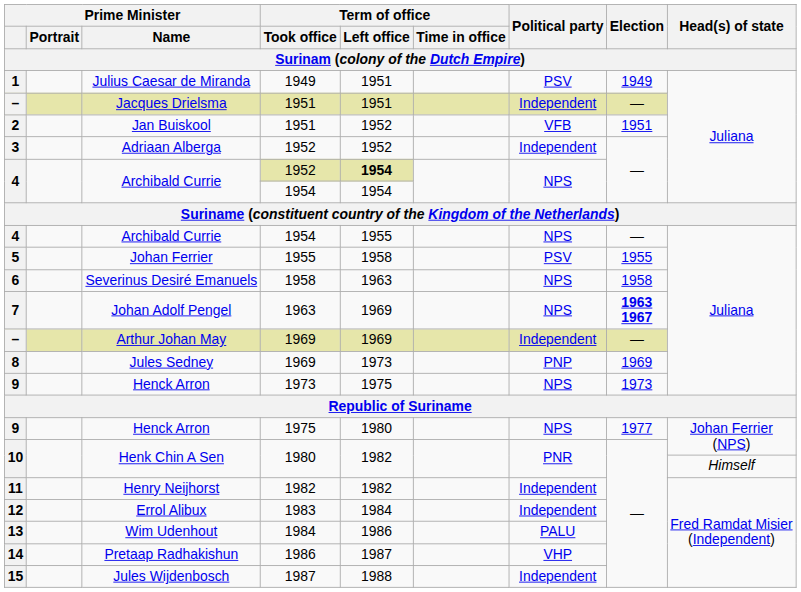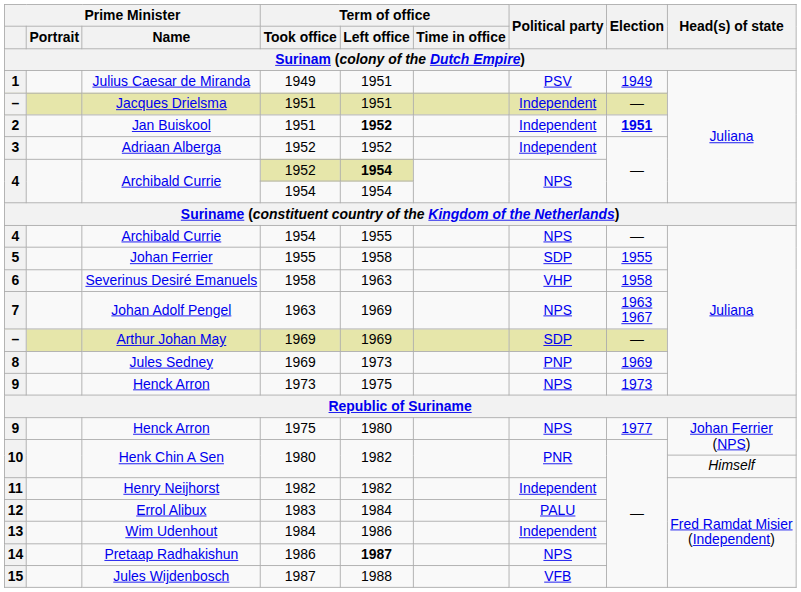 <table class="wikitable" style="text-align:center">
 <tr>
 <th colspan=3>Prime Minister</th>
 <th colspan=3>Term of office</th>
 <th rowspan=2>Political party</th>
 <th rowspan=2>Election</th>
 <th rowspan=2>Head(s) of state</th>
 </tr>
 <tr>
 <th></th>
 <th>Portrait</th>
 <th>Name<br></th>
 <th>Took office</th>
 <th>Left office</th>
 <th>Time in office</th>
 </tr>
 <tr>
 <th colspan=9><a href='#'>Surinam</a> (<em>colony of the <a href='#'>Dutch Empire</a></em>)</th>
 </tr>
 <tr>
 <th style="background:">1</th>
 <td></td>
 <td><a href='#'>Julius Caesar de Miranda</a><br></td>
 <td> 1949</td>
 <td> 1951</td>
 <td></td>
 <td><a href='#'>PSV</a></td>
 <td><a href='#'>1949</a></td>
 <td rowspan=6><a href='#'>Juliana</a></td>
 </tr>
 <tr style="background:#e6e6aa;">
 <th style="background:">–</th>
 <td></td>
 <td><a href='#'>Jacques Drielsma</a><br></td>
 <td> 1951</td>
 <td> 1951</td>
 <td></td>
 <td><a href='#'>Independent</a></td>
 <td>—</td>
 </tr>
 <tr>
 <th style="background:">2</th>
 <td></td>
 <td><a href='#'>Jan Buiskool</a><br></td>
 <td> 1951</td>
-<td> 1952</td>
+<td><strong> 1952</strong></td>
 <td></td>
-<td><a href='#'>VFB</a></td>
-<td><a href='#'>1951</a></td>
+<td><a href='#'>Independent</a></td>
+<td><strong><a href='#'>1951</a></strong></td>
 </tr>
 <tr>
 <th style="background:">3</th>
 <td></td>
 <td><a href='#'>Adriaan Alberga</a><br></td>
 <td> 1952</td>
 <td> 1952</td>
 <td></td>
 <td><a href='#'>Independent</a></td>
 <td rowspan=3>—</td>
 </tr>
 <tr>
 <th rowspan=2 style="background:">4</th>
 <td rowspan=2></td>
 <td rowspan=2><a href='#'>Archibald Currie</a><br></td>
 <td style="background:#e6e6aa;"> 1952</td>
 <td style="background:#e6e6aa;"><strong> 1954</strong></td>
 <td rowspan=2></td>
 <td rowspan=2><a href='#'>NPS</a></td>
 </tr>
 <tr>
 <td> 1954</td>
 <td> 1954</td>
 </tr>
 <tr>
 <th colspan=9><a href='#'>Suriname</a> (<em>constituent country of the <a href='#'>Kingdom of the Netherlands</a></em>)</th>
 </tr>
 <tr>
 <th style="background:">4</th>
 <td></td>
 <td><a href='#'>Archibald Currie</a><br></td>
 <td> 1954</td>
 <td> 1955</td>
 <td></td>
 <td><a href='#'>NPS</a></td>
 <td>—</td>
 <td rowspan=7><a href='#'>Juliana</a></td>
 </tr>
 <tr>
 <th style="background:">5</th>
 <td></td>
 <td><a href='#'>Johan Ferrier</a><br></td>
 <td> 1955</td>
 <td> 1958</td>
 <td></td>
-<td><a href='#'>PSV</a></td>
+<td><a href='#'>SDP</a></td>
 <td><a href='#'>1955</a></td>
 </tr>
 <tr>
 <th style="background:">6</th>
 <td></td>
 <td><a href='#'>Severinus Desiré Emanuels</a><br></td>
 <td> 1958</td>
 <td> 1963</td>
 <td></td>
-<td><a href='#'>NPS</a></td>
+<td><a href='#'>VHP</a><br></td>
 <td><a href='#'>1958</a></td>
 </tr>
 <tr>
 <th style="background:">7</th>
 <td></td>
 <td><a href='#'>Johan Adolf Pengel</a><br></td>
 <td> 1963</td>
 <td> 1969</td>
 <td></td>
 <td><a href='#'>NPS</a></td>
-<td><strong><a href='#'>1963</a><br><a href='#'>1967</a></strong></td>
+<td><a href='#'>1963</a><br><a href='#'>1967</a></td>
 </tr>
 <tr style="background:#e6e6aa;">
 <th style="background:">–</th>
 <td></td>
 <td><a href='#'>Arthur Johan May</a><br></td>
 <td> 1969</td>
 <td> 1969</td>
 <td></td>
-<td><a href='#'>Independent</a></td>
+<td><a href='#'>SDP</a></td>
 <td>—</td>
 </tr>
 <tr>
 <th style="background:">8</th>
 <td></td>
 <td><a href='#'>Jules Sedney</a><br></td>
 <td> 1969</td>
 <td> 1973</td>
 <td></td>
 <td><a href='#'>PNP</a></td>
 <td><a href='#'>1969</a></td>
 </tr>
 <tr>
 <th style="background:">9</th>
 <td></td>
 <td><a href='#'>Henck Arron</a><br></td>
 <td> 1973</td>
 <td> 1975</td>
 <td></td>
 <td><a href='#'>NPS</a></td>
 <td><a href='#'>1973</a></td>
 </tr>
 <tr>
 <th colspan=9><a href='#'>Republic of Suriname</a></th>
 </tr>
 <tr>
 <th style="background:">9</th>
 <td></td>
 <td><a href='#'>Henck Arron</a><br></td>
 <td> 1975</td>
 <td> 1980<br></td>
 <td></td>
 <td><a href='#'>NPS</a></td>
 <td><a href='#'>1977</a></td>
 <td rowspan=2><a href='#'>Johan Ferrier</a><br>(<a href='#'>NPS</a>)</td>
 </tr>
 <tr>
 <th rowspan=2 style="background:">10</th>
 <td rowspan=2></td>
 <td rowspan=2><a href='#'>Henk Chin A Sen</a><br></td>
 <td rowspan=2> 1980</td>
 <td rowspan=2> 1982<br></td>
 <td rowspan=2></td>
 <td rowspan=2><a href='#'>PNR</a></td>
 <td rowspan=7>—</td>
 </tr>
 <tr>
 <td><em>Himself</em></td>
 </tr>
 <tr>
 <th style="background:">11</th>
 <td></td>
 <td><a href='#'>Henry Neijhorst</a><br></td>
 <td> 1982<br></td>
 <td> 1982<br></td>
 <td></td>
 <td><a href='#'>Independent</a></td>
 <td rowspan=5><a href='#'>Fred Ramdat Misier</a><br>(<a href='#'>Independent</a>)</td>
 </tr>
 <tr>
 <th style="background:">12</th>
 <td></td>
 <td><a href='#'>Errol Alibux</a><br></td>
 <td> 1983</td>
 <td> 1984<br></td>
 <td></td>
-<td><a href='#'>Independent</a></td>
+<td><a href='#'>PALU</a></td>
 </tr>
 <tr>
 <th style="background:">13</th>
 <td></td>
 <td><a href='#'>Wim Udenhout</a><br></td>
 <td> 1984</td>
 <td> 1986</td>
 <td></td>
-<td><a href='#'>PALU</a></td>
+<td><a href='#'>Independent</a></td>
 </tr>
 <tr>
 <th style="background:">14</th>
 <td></td>
 <td><a href='#'>Pretaap Radhakishun</a><br></td>
 <td> 1986</td>
-<td> 1987</td>
+<td><strong> 1987</strong></td>
 <td></td>
-<td><a href='#'>VHP</a><br></td>
+<td><a href='#'>NPS</a></td>
 </tr>
 <tr>
 <th style="background:">15</th>
 <td></td>
 <td><a href='#'>Jules Wijdenbosch</a><br></td>
 <td> 1987</td>
 <td> 1988</td>
 <td></td>
-<td><a href='#'>Independent</a></td>
+<td><a href='#'>VFB</a></td>
 </tr>
 </table>
